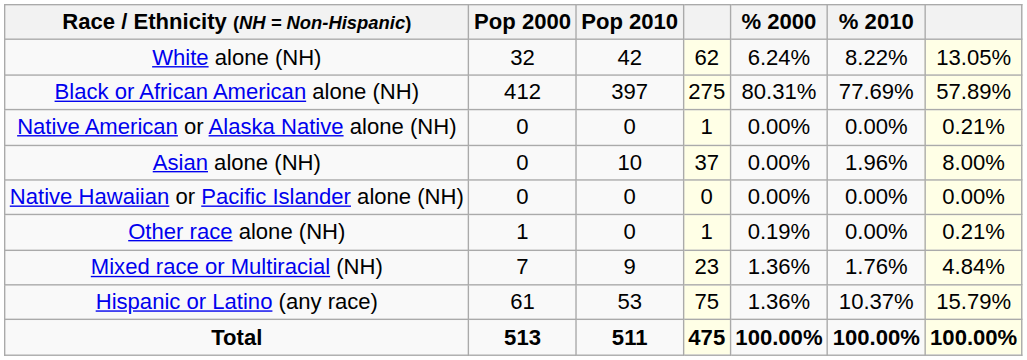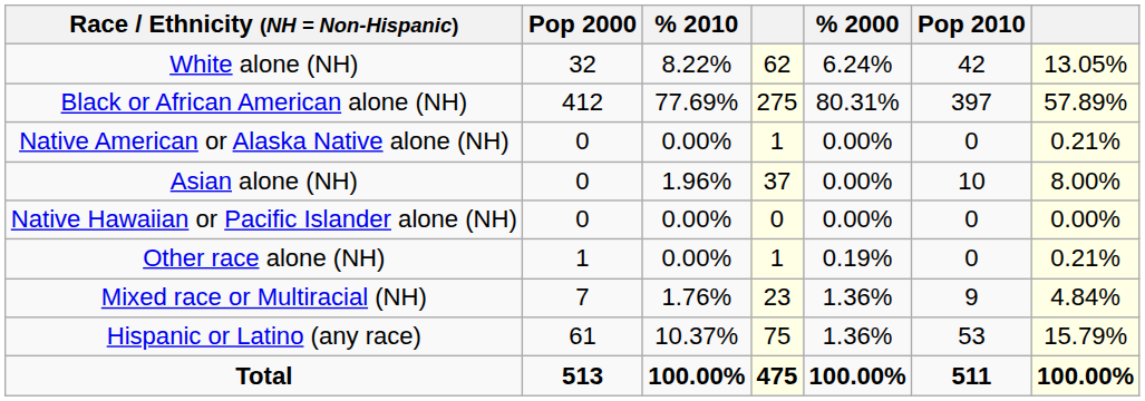 <table class="wikitable" style="text-align:center;">
 <tr>
 <th>Race / Ethnicity <small>(<em>NH = Non-Hispanic</em>)</small></th>
 <th>Pop 2000</th>
-<th>Pop 2010</th>
+<th>% 2010</th>
 <th></th>
 <th>% 2000</th>
-<th>% 2010</th>
+<th>Pop 2010</th>
 <th></th>
 </tr>
 <tr>
 <td><a href='#'>White</a> alone (NH)</td>
 <td>32</td>
-<td>42</td>
+<td>8.22%</td>
 <td style='background: #ffffe6;'>62</td>
 <td>6.24%</td>
-<td>8.22%</td>
+<td>42</td>
 <td style='background: #ffffe6;'>13.05%</td>
 </tr>
 <tr>
 <td><a href='#'>Black or African American</a> alone (NH)</td>
 <td>412</td>
-<td>397</td>
+<td>77.69%</td>
 <td style='background: #ffffe6;'>275</td>
 <td>80.31%</td>
-<td>77.69%</td>
+<td>397</td>
 <td style='background: #ffffe6;'>57.89%</td>
 </tr>
 <tr>
 <td><a href='#'>Native American</a> or <a href='#'>Alaska Native</a> alone (NH)</td>
 <td>0</td>
-<td>0</td>
+<td>0.00%</td>
 <td style='background: #ffffe6;'>1</td>
 <td>0.00%</td>
-<td>0.00%</td>
+<td>0</td>
 <td style='background: #ffffe6;'>0.21%</td>
 </tr>
 <tr>
 <td><a href='#'>Asian</a> alone (NH)</td>
 <td>0</td>
-<td>10</td>
+<td>1.96%</td>
 <td style='background: #ffffe6;'>37</td>
 <td>0.00%</td>
-<td>1.96%</td>
+<td>10</td>
 <td style='background: #ffffe6;'>8.00%</td>
 </tr>
 <tr>
 <td><a href='#'>Native Hawaiian</a> or <a href='#'>Pacific Islander</a> alone (NH)</td>
 <td>0</td>
-<td>0</td>
+<td>0.00%</td>
 <td style='background: #ffffe6;'>0</td>
 <td>0.00%</td>
-<td>0.00%</td>
+<td>0</td>
 <td style='background: #ffffe6;'>0.00%</td>
 </tr>
 <tr>
 <td><a href='#'>Other race</a> alone (NH)</td>
 <td>1</td>
-<td>0</td>
+<td>0.00%</td>
 <td style='background: #ffffe6;'>1</td>
 <td>0.19%</td>
-<td>0.00%</td>
+<td>0</td>
 <td style='background: #ffffe6;'>0.21%</td>
 </tr>
 <tr>
 <td><a href='#'>Mixed race or Multiracial</a> (NH)</td>
 <td>7</td>
-<td>9</td>
+<td>1.76%</td>
 <td style='background: #ffffe6;'>23</td>
 <td>1.36%</td>
-<td>1.76%</td>
+<td>9</td>
 <td style='background: #ffffe6;'>4.84%</td>
 </tr>
 <tr>
 <td><a href='#'>Hispanic or Latino</a> (any race)</td>
 <td>61</td>
-<td>53</td>
+<td>10.37%</td>
 <td style='background: #ffffe6;'>75</td>
 <td>1.36%</td>
-<td>10.37%</td>
+<td>53</td>
 <td style='background: #ffffe6;'>15.79%</td>
 </tr>
 <tr>
 <td><strong>Total</strong></td>
 <td><strong>513</strong></td>
-<td><strong>511</strong></td>
+<td><strong>100.00%</strong></td>
 <td style='background: #ffffe6;'><strong>475</strong></td>
 <td><strong>100.00%</strong></td>
-<td><strong>100.00%</strong></td>
+<td><strong>511</strong></td>
 <td style='background: #ffffe6;'><strong>100.00%</strong></td>
 </tr>
 </table>
